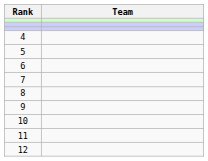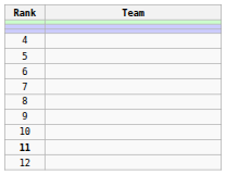 <table class="wikitable" style="text-align: center;">
 <tr>
 <th width=50>Rank</th>
 <th width=240>Team</th>
 </tr>
 <tr bgcolor=ccffcc>
 <td></td>
 <td align=left></td>
 </tr>
 <tr bgcolor=ccccff>
 <td></td>
 <td align=left></td>
 </tr>
 <tr bgcolor=ccccff>
 <td></td>
 <td align=left></td>
 </tr>
 <tr>
 <td>4</td>
 <td align=left></td>
 </tr>
 <tr>
 <td>5</td>
 <td align=left></td>
 </tr>
 <tr>
 <td>6</td>
 <td align=left></td>
 </tr>
 <tr>
 <td>7</td>
 <td align=left></td>
 </tr>
 <tr>
 <td>8</td>
 <td align=left></td>
 </tr>
 <tr>
 <td>9</td>
 <td align=left></td>
 </tr>
 <tr>
 <td>10</td>
 <td align=left></td>
 </tr>
 <tr>
-<td>11</td>
+<td><strong>11</strong></td>
 <td align=left></td>
 </tr>
 <tr>
 <td>12</td>
 <td align=left></td>
 </tr>
 </table>
